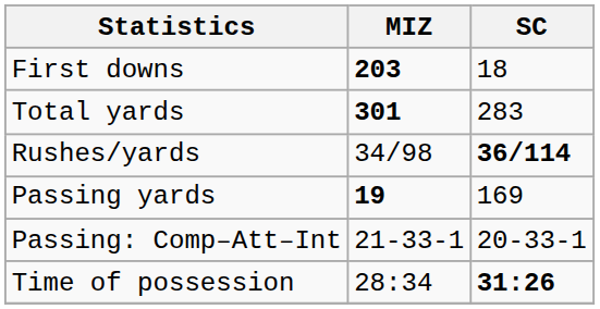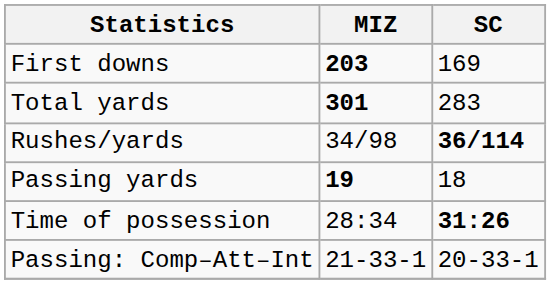 <table class="wikitable" style="float: left;">
 <tr>
 <th>Statistics</th>
 <th>MIZ</th>
 <th>SC</th>
 </tr>
 <tr>
 <td>First downs</td>
 <td><strong>203</strong></td>
-<td>18</td>
+<td>169</td>
 </tr>
 <tr>
 <td>Total yards</td>
 <td><strong>301</strong></td>
 <td>283</td>
 </tr>
 <tr>
 <td>Rushes/yards</td>
 <td>34/98</td>
 <td><strong>36/114</strong></td>
 </tr>
 <tr>
 <td>Passing yards</td>
 <td><strong>19</strong></td>
-<td>169</td>
+<td>18</td>
+</tr>
+<tr>
+<td>Time of possession</td>
+<td>28:34</td>
+<td><strong>31:26</strong></td>
 </tr>
 <tr>
 <td>Passing: Comp–Att–Int</td>
 <td>21-33-1</td>
 <td>20-33-1</td>
 </tr>
 <tr>
-<td>Time of possession</td>
-<td>28:34</td>
-<td><strong>31:26</strong></td>
-</tr>
-<tr>
 </tr>
 </table>
